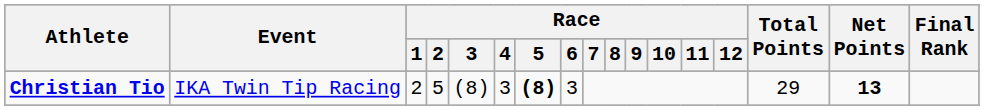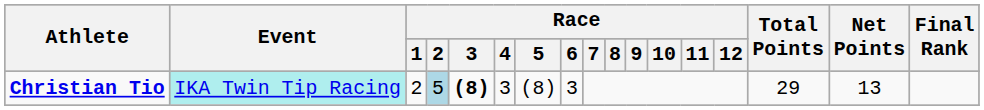 <table class=wikitable style="font-size:90%">
 <tr>
 <th rowspan="2">Athlete</th>
 <th rowspan="2">Event</th>
 <th colspan="12">Race</th>
 <th rowspan="2">Total<br>Points</th>
 <th rowspan="2">Net<br>Points</th>
 <th rowspan="2">Final<br>Rank</th>
 </tr>
 <tr>
 <th>1</th>
 <th>2</th>
 <th>3</th>
 <th>4</th>
 <th>5</th>
 <th>6</th>
 <th>7</th>
 <th>8</th>
 <th>9</th>
 <th>10</th>
 <th>11</th>
 <th>12</th>
 </tr>
 <tr>
 <td align=left><strong><a href='#'>Christian Tio</a></strong></td>
-<td align=center><a href='#'>IKA Twin Tip Racing</a></td>
+<td align=center style="background: paleturquoise;"><a href='#'>IKA Twin Tip Racing</a></td>
 <td align=center>2</td>
-<td align=center>5</td>
+<td align=center style="background: lightblue;">5</td>
+<td align=center><strong>(8)</strong></td>
+<td align=center>3</td>
 <td align=center>(8)</td>
-<td align=center>3</td>
-<td align=center><strong>(8)</strong></td>
 <td align=center>3</td>
 <td align=center colspan=6></td>
 <td align=center>29</td>
-<td align=center><strong>13</strong></td>
+<td align=center>13</td>
 <td align=center></td>
 </tr>
 </table>
